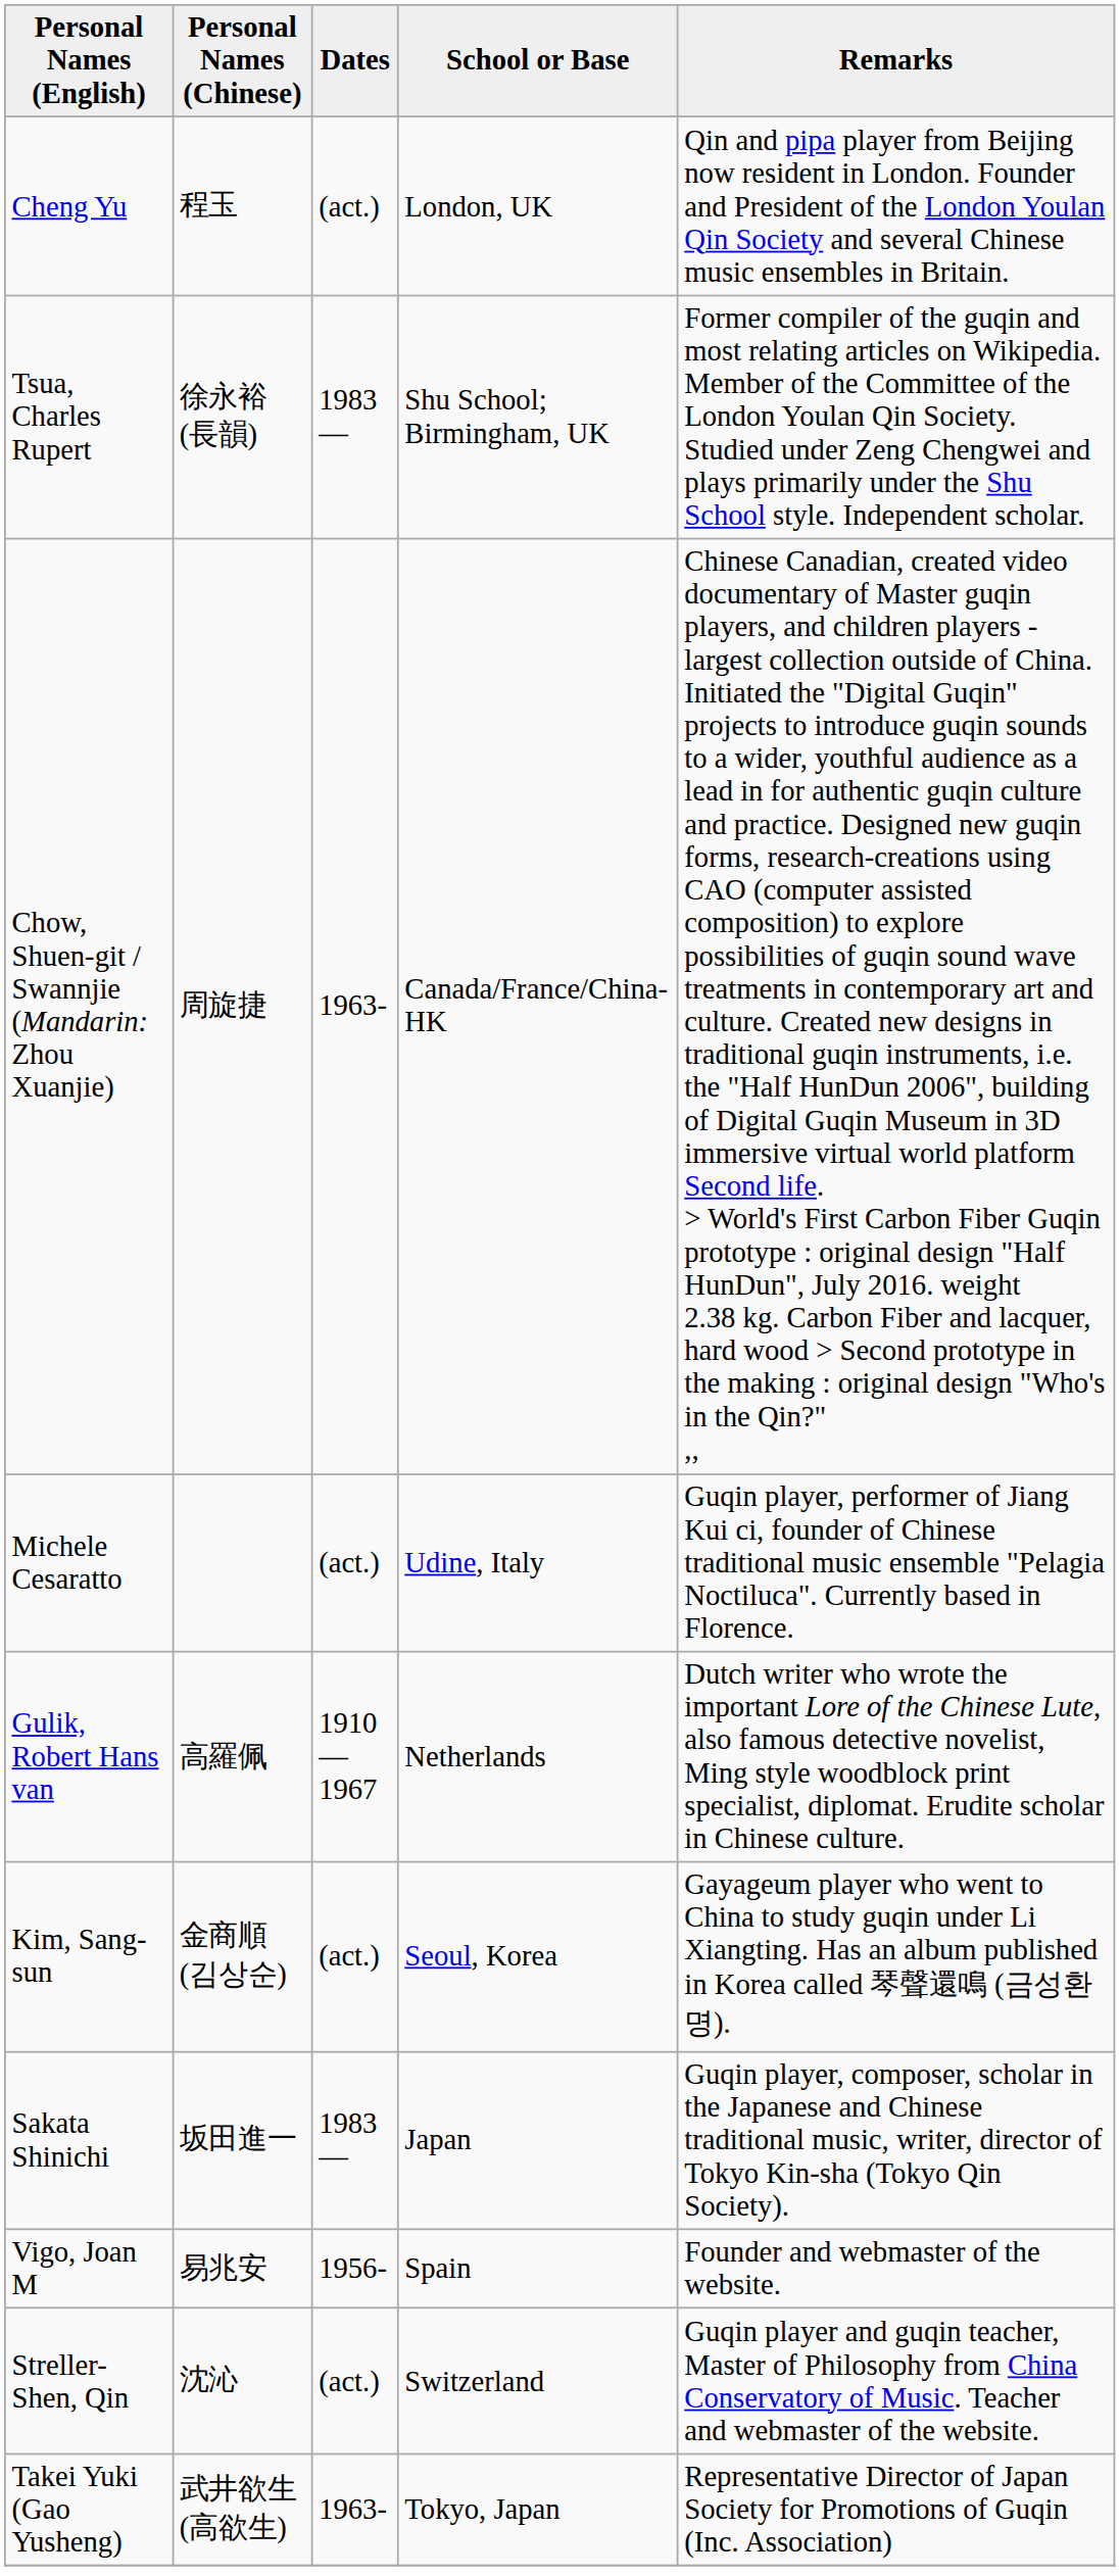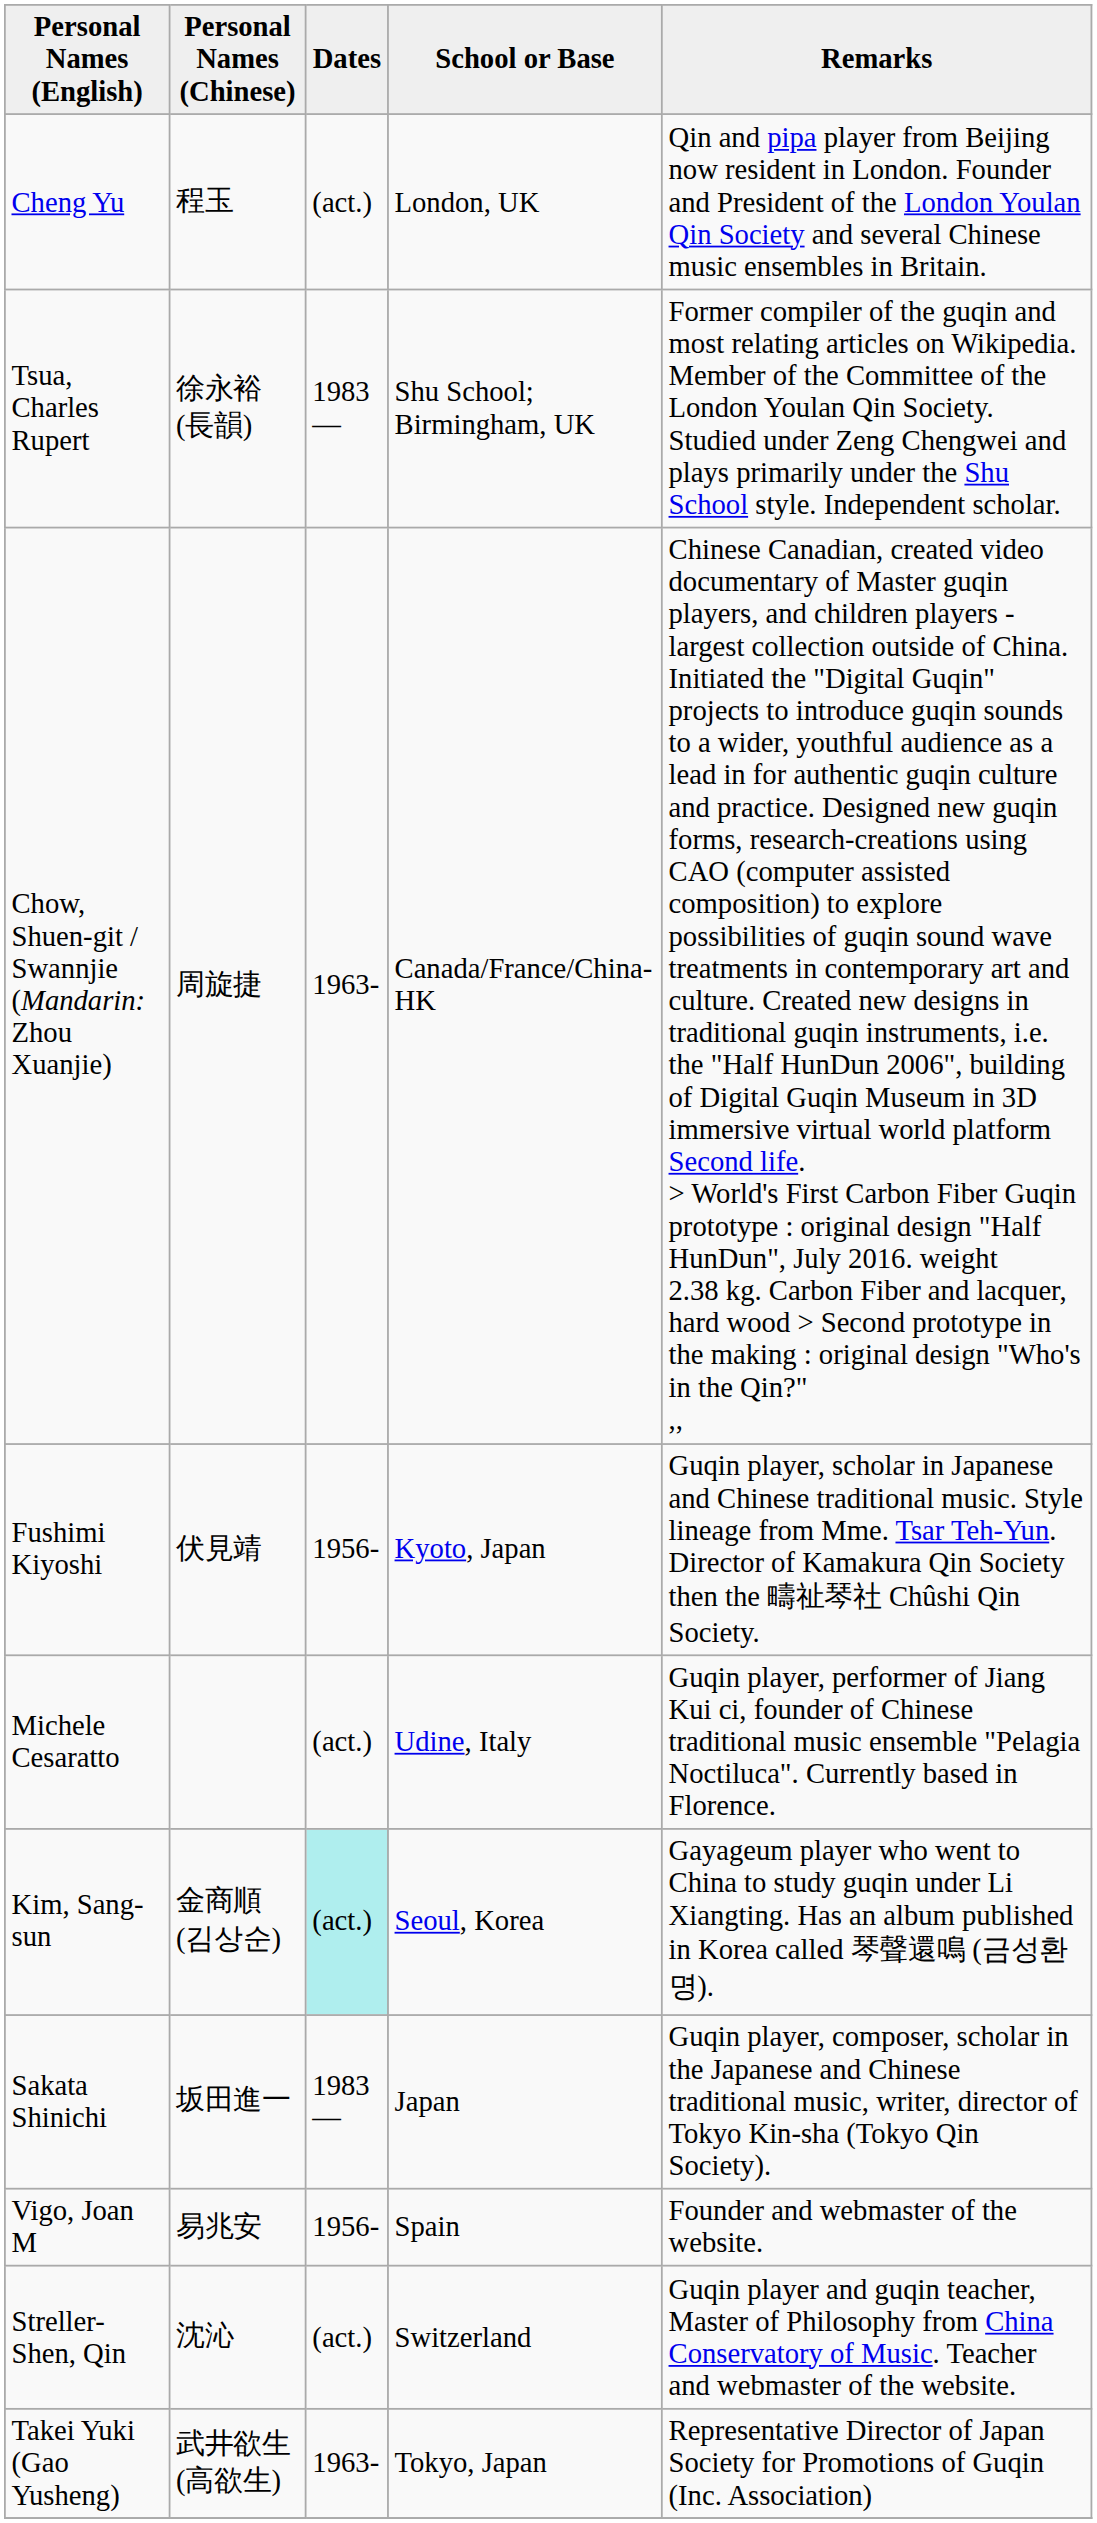 <table class="wikitable">
 <tr>
 <th style="background:#efefef;">Personal Names (English)</th>
 <th style="background:#efefef;">Personal Names (Chinese)</th>
 <th style="background:#efefef;">Dates</th>
 <th style="background:#efefef;">School or Base</th>
 <th style="background:#efefef;">Remarks</th>
 </tr>
 <tr>
 <td><a href='#'>Cheng Yu</a></td>
 <td>程玉</td>
 <td>(act.)</td>
 <td>London, UK</td>
 <td>Qin and <a href='#'>pipa</a> player from Beijing now resident in London. Founder and President of the <a href='#'>London Youlan Qin Society</a> and several Chinese music ensembles in Britain.</td>
 </tr>
 <tr>
 <td>Tsua, Charles Rupert</td>
 <td>徐永裕(長韻)</td>
 <td>1983—</td>
 <td>Shu School; Birmingham, UK</td>
 <td>Former compiler of the guqin and most relating articles on Wikipedia. Member of the Committee of the London Youlan Qin Society. Studied under Zeng Chengwei and plays primarily under the <a href='#'>Shu School</a> style. Independent scholar.</td>
 </tr>
 <tr>
 <td>Chow, Shuen-git / Swannjie (<em>Mandarin:</em> Zhou Xuanjie)</td>
 <td>周旋捷</td>
 <td>1963-</td>
 <td>Canada/France/China-HK</td>
 <td>Chinese Canadian, created video documentary of Master guqin players, and children players - largest collection outside of China. Initiated the "Digital Guqin" projects to introduce guqin sounds to a wider, youthful audience as a lead in for authentic guqin culture and practice. Designed new guqin forms, research-creations using CAO (computer assisted composition) to explore possibilities of guqin sound wave treatments in contemporary art and culture. Created new designs in traditional guqin instruments, i.e. the "Half HunDun 2006", building of Digital Guqin Museum in 3D immersive virtual world platform <a href='#'>Second life</a>.<br>> World's First Carbon Fiber Guqin prototype : original design "Half HunDun", July 2016. weight 2.38 kg.  Carbon Fiber and lacquer, hard wood > Second prototype in the making : original design "Who's in the Qin?"<br>,,  </td>
 </tr>
 <tr>
+<td>Fushimi Kiyoshi</td>
+<td>伏見靖</td>
+<td>1956-</td>
+<td><a href='#'>Kyoto</a>, Japan</td>
+<td>Guqin player, scholar in Japanese and Chinese traditional music. Style lineage from Mme. <a href='#'>Tsar Teh-Yun</a>. Director of Kamakura Qin Society then the 疇祉琴社 Chûshi Qin Society.</td>
+</tr>
+<tr>
 <td>Michele Cesaratto</td>
 <td></td>
 <td>(act.)</td>
 <td><a href='#'>Udine</a>, Italy</td>
 <td>Guqin player, performer of Jiang Kui ci, founder of Chinese traditional music ensemble "Pelagia Noctiluca". Currently based in Florence.</td>
 </tr>
 <tr>
-<td><a href='#'>Gulik, Robert Hans van</a></td>
-<td>高羅佩</td>
-<td>1910—1967</td>
-<td>Netherlands</td>
-<td>Dutch writer who wrote the important <em>Lore of the Chinese Lute</em>, also famous detective novelist, Ming style woodblock print specialist, diplomat. Erudite scholar in Chinese culture.</td>
-</tr>
-<tr>
 <td>Kim, Sang-sun</td>
 <td>金商順 (김상순)</td>
-<td>(act.)</td>
+<td style="background: paleturquoise;">(act.)</td>
 <td><a href='#'>Seoul</a>, Korea</td>
 <td>Gayageum player who went to China to study guqin under Li Xiangting. Has an album published in Korea called 琴聲還鳴 (금성환명).</td>
 </tr>
 <tr>
 <td>Sakata Shinichi</td>
 <td>坂田進一</td>
 <td>1983—</td>
 <td>Japan</td>
 <td>Guqin player, composer, scholar in the Japanese and Chinese traditional music, writer, director of Tokyo Kin-sha (Tokyo Qin Society).</td>
 </tr>
 <tr>
 <td>Vigo, Joan M</td>
 <td>易兆安</td>
 <td>1956-</td>
 <td>Spain</td>
 <td>Founder and webmaster of the  website.</td>
 </tr>
 <tr>
 <td>Streller-Shen, Qin</td>
 <td>沈沁</td>
 <td>(act.)</td>
 <td>Switzerland</td>
 <td>Guqin player and guqin teacher, Master of Philosophy from <a href='#'>China Conservatory of Music</a>. Teacher and webmaster of the  website.</td>
 </tr>
 <tr>
 <td>Takei Yuki<br>(Gao Yusheng)</td>
 <td>武井欲生<br>(高欲生)</td>
 <td>1963-</td>
 <td>Tokyo, Japan</td>
 <td>Representative Director of  Japan Society for Promotions of Guqin (Inc. Association)</td>
 </tr>
 <tr>
 </tr>
 </table>
